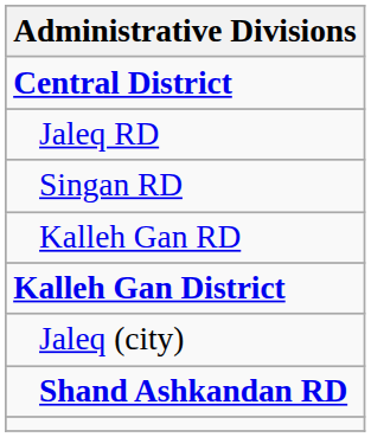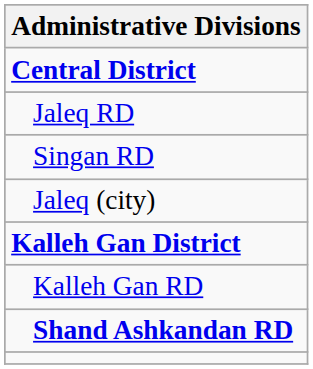 <table class="wikitable">
 <tr>
 <th>Administrative Divisions</th>
 </tr>
 <tr>
 <td><strong><a href='#'>Central District</a></strong></td>
 </tr>
 <tr>
 <td style="padding-left: 1em;"><a href='#'>Jaleq RD</a></td>
 </tr>
 <tr>
 <td style="padding-left: 1em;"><a href='#'>Singan RD</a></td>
 </tr>
 <tr>
-<td style="padding-left: 1em;"><a href='#'>Kalleh Gan RD</a></td>
+<td style="padding-left: 1em;"><a href='#'>Jaleq</a> (city)</td>
 </tr>
 <tr>
 <td><strong><a href='#'>Kalleh Gan District</a></strong></td>
 </tr>
 <tr>
-<td style="padding-left: 1em;"><a href='#'>Jaleq</a> (city)</td>
+<td style="padding-left: 1em;"><a href='#'>Kalleh Gan RD</a></td>
 </tr>
 <tr>
 <td style="padding-left: 1em;"><strong><a href='#'>Shand Ashkandan RD</a></strong></td>
 </tr>
 <tr>
 <td colspan=1></td>
 </tr>
 </table>
